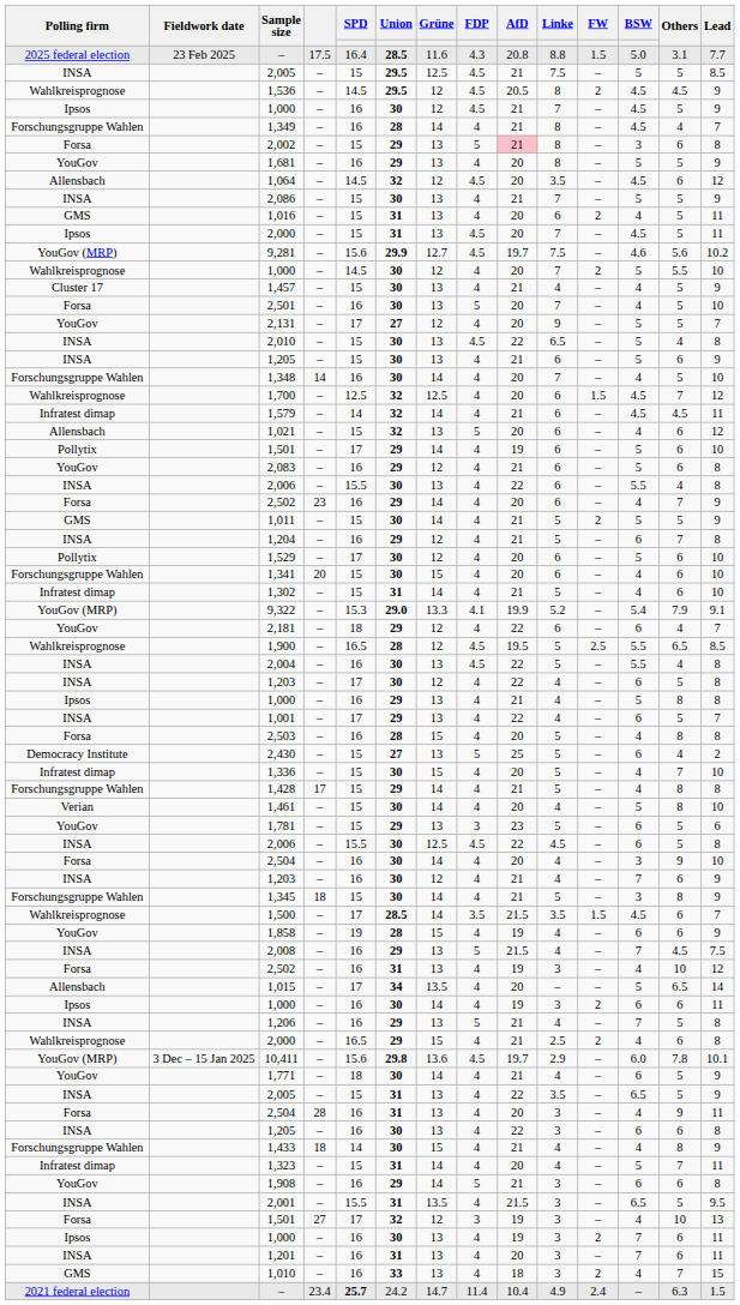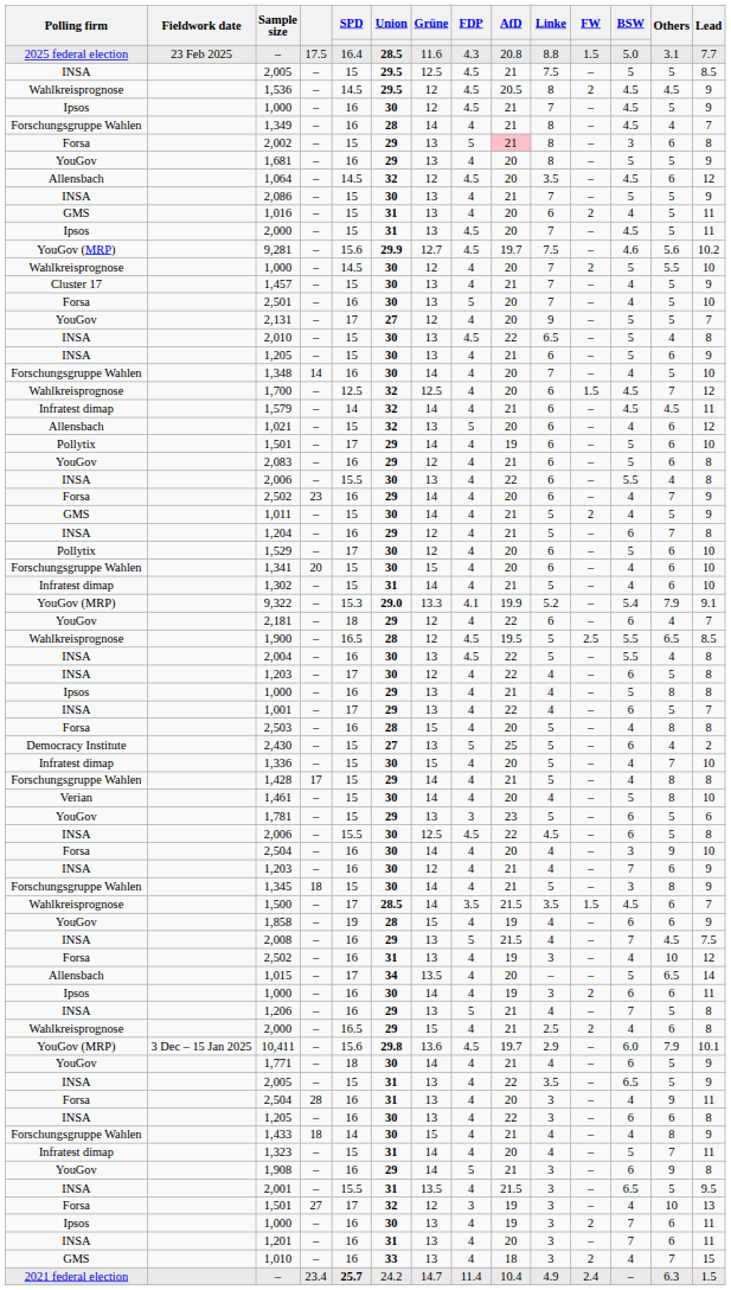 <table class="wikitable sortable mw-datatable mw-collapsible" style="text-align:center;font-size:90%;line-height:14px;">
 <tr style="height:40px;">
 <th style="width:160px;" rowspan="2">Polling firm</th>
 <th style="width:120px;" rowspan="2">Fieldwork date</th>
 <th style="width: 35px;" rowspan="2">Sample<br>size</th>
 <th style="width: 30px;" rowspan="2"></th>
 <th class="unsortable" style="width:40px;"><a href='#'>SPD</a></th>
 <th class="unsortable" style="width:40px;"><a href='#'>Union</a></th>
 <th class="unsortable" style="width:40px;"><a href='#'>Grüne</a></th>
 <th class="unsortable" style="width:40px;"><a href='#'>FDP</a></th>
 <th class="unsortable" style="width:40px;"><a href='#'>AfD</a></th>
 <th class="unsortable" style="width:40px;"><a href='#'>Linke</a></th>
 <th class="unsortable" style="width:40px;"><a href='#'>FW</a></th>
 <th class="unsortable" style="width:40px;"><a href='#'>BSW</a></th>
 <th rowspan="2" class="unsortable" style="width:30px;">Others</th>
 <th style="width:30px;" rowspan="2">Lead</th>
 </tr>
 <tr>
 <th style="background:"></th>
 <th style="background:"></th>
 <th style="background:"></th>
 <th style="background:"></th>
 <th style="background:"></th>
 <th style="background:"></th>
 <th style="background:"></th>
 <th style="background:"></th>
 </tr>
 <tr style="background:#E9E9E9;">
 <td><a href='#'>2025 federal election</a></td>
 <td>23 Feb 2025</td>
 <td>–</td>
 <td>17.5</td>
 <td>16.4</td>
 <td><strong>28.5</strong></td>
 <td>11.6</td>
 <td>4.3</td>
 <td>20.8</td>
 <td>8.8</td>
 <td>1.5</td>
 <td>5.0</td>
 <td>3.1</td>
 <td style="background:">7.7</td>
 </tr>
 <tr>
 <td>INSA</td>
 <td></td>
 <td>2,005</td>
 <td>–</td>
 <td>15</td>
 <td><strong>29.5</strong></td>
 <td>12.5</td>
 <td>4.5</td>
 <td>21</td>
 <td>7.5</td>
 <td>–</td>
 <td>5</td>
 <td>5</td>
 <td style="background:">8.5</td>
 </tr>
 <tr>
 <td>Wahlkreisprognose</td>
 <td></td>
 <td>1,536</td>
 <td>–</td>
 <td>14.5</td>
 <td><strong>29.5</strong></td>
 <td>12</td>
 <td>4.5</td>
 <td>20.5</td>
 <td>8</td>
 <td>2</td>
 <td>4.5</td>
 <td>4.5</td>
 <td style="background:">9</td>
 </tr>
 <tr>
 <td>Ipsos</td>
 <td></td>
 <td>1,000</td>
 <td>–</td>
 <td>16</td>
 <td><strong>30</strong></td>
 <td>12</td>
 <td>4.5</td>
 <td>21</td>
 <td>7</td>
 <td>–</td>
 <td>4.5</td>
 <td>5</td>
 <td style="background:">9</td>
 </tr>
 <tr>
 <td>Forschungsgruppe Wahlen</td>
 <td></td>
 <td>1,349</td>
 <td>–</td>
 <td>16</td>
 <td><strong>28</strong></td>
 <td>14</td>
 <td>4</td>
 <td>21</td>
 <td>8</td>
 <td>–</td>
 <td>4.5</td>
 <td>4</td>
 <td style="background:">7</td>
 </tr>
 <tr>
 <td>Forsa</td>
 <td></td>
 <td>2,002</td>
 <td>–</td>
 <td>15</td>
 <td><strong>29</strong></td>
 <td>13</td>
 <td>5</td>
 <td style="background: pink;">21</td>
 <td>8</td>
 <td>–</td>
 <td>3</td>
 <td>6</td>
 <td style="background:">8</td>
 </tr>
 <tr>
 <td>YouGov</td>
 <td></td>
 <td>1,681</td>
 <td>–</td>
 <td>16</td>
 <td><strong>29</strong></td>
 <td>13</td>
 <td>4</td>
 <td>20</td>
 <td>8</td>
 <td>–</td>
 <td>5</td>
 <td>5</td>
 <td style="background:">9</td>
 </tr>
 <tr>
 <td>Allensbach</td>
 <td></td>
 <td>1,064</td>
 <td>–</td>
 <td>14.5</td>
 <td><strong>32</strong></td>
 <td>12</td>
 <td>4.5</td>
 <td>20</td>
 <td>3.5</td>
 <td>–</td>
 <td>4.5</td>
 <td>6</td>
 <td style="background:">12</td>
 </tr>
 <tr>
 <td>INSA</td>
 <td></td>
 <td>2,086</td>
 <td>–</td>
 <td>15</td>
 <td><strong>30</strong></td>
 <td>13</td>
 <td>4</td>
 <td>21</td>
 <td>7</td>
 <td>–</td>
 <td>5</td>
 <td>5</td>
 <td style="background:">9</td>
 </tr>
 <tr>
 <td>GMS</td>
 <td></td>
 <td>1,016</td>
 <td>–</td>
 <td>15</td>
 <td><strong>31</strong></td>
 <td>13</td>
 <td>4</td>
 <td>20</td>
 <td>6</td>
 <td>2</td>
 <td>4</td>
 <td>5</td>
 <td style="background:">11</td>
 </tr>
 <tr>
 <td>Ipsos</td>
 <td></td>
 <td>2,000</td>
 <td>–</td>
 <td>15</td>
 <td><strong>31</strong></td>
 <td>13</td>
 <td>4.5</td>
 <td>20</td>
 <td>7</td>
 <td>–</td>
 <td>4.5</td>
 <td>5</td>
 <td style="background:">11</td>
 </tr>
 <tr>
 <td>YouGov (<a href='#'>MRP</a>)</td>
 <td></td>
 <td>9,281</td>
 <td>–</td>
 <td>15.6</td>
 <td><strong>29.9</strong></td>
 <td>12.7</td>
 <td>4.5</td>
 <td>19.7</td>
 <td>7.5</td>
 <td>–</td>
 <td>4.6</td>
 <td>5.6</td>
 <td style="background:">10.2</td>
 </tr>
 <tr>
 <td>Wahlkreisprognose</td>
 <td></td>
 <td>1,000</td>
 <td>–</td>
 <td>14.5</td>
 <td><strong>30</strong></td>
 <td>12</td>
 <td>4</td>
 <td>20</td>
 <td>7</td>
 <td>2</td>
 <td>5</td>
 <td>5.5</td>
 <td style="background:">10</td>
 </tr>
 <tr>
 <td>Cluster 17</td>
 <td></td>
 <td>1,457</td>
 <td>–</td>
 <td>15</td>
 <td><strong>30</strong></td>
 <td>13</td>
 <td>4</td>
 <td>21</td>
-<td>4</td>
+<td>7</td>
 <td>–</td>
 <td>4</td>
 <td>5</td>
 <td style="background:">9</td>
 </tr>
 <tr>
 <td>Forsa</td>
 <td></td>
 <td>2,501</td>
 <td>–</td>
 <td>16</td>
 <td><strong>30</strong></td>
 <td>13</td>
 <td>5</td>
 <td>20</td>
 <td>7</td>
 <td>–</td>
 <td>4</td>
 <td>5</td>
 <td style="background:">10</td>
 </tr>
 <tr>
 <td>YouGov</td>
 <td></td>
 <td>2,131</td>
 <td>–</td>
 <td>17</td>
 <td><strong>27</strong></td>
 <td>12</td>
 <td>4</td>
 <td>20</td>
 <td>9</td>
 <td>–</td>
 <td>5</td>
 <td>5</td>
 <td style="background:">7</td>
 </tr>
 <tr>
 <td>INSA</td>
 <td></td>
 <td>2,010</td>
 <td>–</td>
 <td>15</td>
 <td><strong>30</strong></td>
 <td>13</td>
 <td>4.5</td>
 <td>22</td>
 <td>6.5</td>
 <td>–</td>
 <td>5</td>
 <td>4</td>
 <td style="background:">8</td>
 </tr>
 <tr>
 <td>INSA</td>
 <td></td>
 <td>1,205</td>
 <td>–</td>
 <td>15</td>
 <td><strong>30</strong></td>
 <td>13</td>
 <td>4</td>
 <td>21</td>
 <td>6</td>
 <td>–</td>
 <td>5</td>
 <td>6</td>
 <td style="background:">9</td>
 </tr>
 <tr>
 <td>Forschungsgruppe Wahlen</td>
 <td></td>
 <td>1,348</td>
 <td>14</td>
 <td>16</td>
 <td><strong>30</strong></td>
 <td>14</td>
 <td>4</td>
 <td>20</td>
 <td>7</td>
 <td>–</td>
 <td>4</td>
 <td>5</td>
 <td style="background:">10</td>
 </tr>
 <tr>
 <td>Wahlkreisprognose</td>
 <td></td>
 <td>1,700</td>
 <td>–</td>
 <td>12.5</td>
 <td><strong>32</strong></td>
 <td>12.5</td>
 <td>4</td>
 <td>20</td>
 <td>6</td>
 <td>1.5</td>
 <td>4.5</td>
 <td>7</td>
 <td style="background:">12</td>
 </tr>
 <tr>
 <td>Infratest dimap</td>
 <td></td>
 <td>1,579</td>
 <td>–</td>
 <td>14</td>
 <td><strong>32</strong></td>
 <td>14</td>
 <td>4</td>
 <td>21</td>
 <td>6</td>
 <td>–</td>
 <td>4.5</td>
 <td>4.5</td>
 <td style="background:">11</td>
 </tr>
 <tr>
 <td>Allensbach</td>
 <td></td>
 <td>1,021</td>
 <td>–</td>
 <td>15</td>
 <td><strong>32</strong></td>
 <td>13</td>
 <td>5</td>
 <td>20</td>
 <td>6</td>
 <td>–</td>
 <td>4</td>
 <td>6</td>
 <td style="background:">12</td>
 </tr>
 <tr>
 <td>Pollytix</td>
 <td></td>
 <td>1,501</td>
 <td>–</td>
 <td>17</td>
 <td><strong>29</strong></td>
 <td>14</td>
 <td>4</td>
 <td>19</td>
 <td>6</td>
 <td>–</td>
 <td>5</td>
 <td>6</td>
 <td style="background:">10</td>
 </tr>
 <tr>
 <td>YouGov</td>
 <td></td>
 <td>2,083</td>
 <td>–</td>
 <td>16</td>
 <td><strong>29</strong></td>
 <td>12</td>
 <td>4</td>
 <td>21</td>
 <td>6</td>
 <td>–</td>
 <td>5</td>
 <td>6</td>
 <td style="background:">8</td>
 </tr>
 <tr>
 <td>INSA</td>
 <td></td>
 <td>2,006</td>
 <td>–</td>
 <td>15.5</td>
 <td><strong>30</strong></td>
 <td>13</td>
 <td>4</td>
 <td>22</td>
 <td>6</td>
 <td>–</td>
 <td>5.5</td>
 <td>4</td>
 <td style="background:">8</td>
 </tr>
 <tr>
 <td>Forsa</td>
 <td></td>
 <td>2,502</td>
 <td>23</td>
 <td>16</td>
 <td><strong>29</strong></td>
 <td>14</td>
 <td>4</td>
 <td>20</td>
 <td>6</td>
 <td>–</td>
 <td>4</td>
 <td>7</td>
 <td style="background:">9</td>
 </tr>
 <tr>
 <td>GMS</td>
 <td></td>
 <td>1,011</td>
 <td>–</td>
 <td>15</td>
 <td><strong>30</strong></td>
 <td>14</td>
 <td>4</td>
 <td>21</td>
 <td>5</td>
 <td>2</td>
-<td>5</td>
+<td>4</td>
 <td>5</td>
 <td style="background:">9</td>
 </tr>
 <tr>
 <td>INSA</td>
 <td></td>
 <td>1,204</td>
 <td>–</td>
 <td>16</td>
 <td><strong>29</strong></td>
 <td>12</td>
 <td>4</td>
 <td>21</td>
 <td>5</td>
 <td>–</td>
 <td>6</td>
 <td>7</td>
 <td style="background:">8</td>
 </tr>
 <tr>
 <td>Pollytix</td>
 <td></td>
 <td>1,529</td>
 <td>–</td>
 <td>17</td>
 <td><strong>30</strong></td>
 <td>12</td>
 <td>4</td>
 <td>20</td>
 <td>6</td>
 <td>–</td>
 <td>5</td>
 <td>6</td>
 <td style="background:">10</td>
 </tr>
 <tr>
 <td>Forschungsgruppe Wahlen</td>
 <td></td>
 <td>1,341</td>
 <td>20</td>
 <td>15</td>
 <td><strong>30</strong></td>
 <td>15</td>
 <td>4</td>
 <td>20</td>
 <td>6</td>
 <td>–</td>
 <td>4</td>
 <td>6</td>
 <td style="background:">10</td>
 </tr>
 <tr>
 <td>Infratest dimap</td>
 <td></td>
 <td>1,302</td>
 <td>–</td>
 <td>15</td>
 <td><strong>31</strong></td>
 <td>14</td>
 <td>4</td>
 <td>21</td>
 <td>5</td>
 <td>–</td>
 <td>4</td>
 <td>6</td>
 <td style="background:">10</td>
 </tr>
 <tr>
 <td>YouGov (MRP)</td>
 <td></td>
 <td>9,322</td>
 <td>–</td>
 <td>15.3</td>
 <td><strong>29.0</strong></td>
 <td>13.3</td>
 <td>4.1</td>
 <td>19.9</td>
 <td>5.2</td>
 <td>–</td>
 <td>5.4</td>
 <td>7.9</td>
 <td style="background:">9.1</td>
 </tr>
 <tr>
 <td>YouGov</td>
 <td></td>
 <td>2,181</td>
 <td>–</td>
 <td>18</td>
 <td><strong>29</strong></td>
 <td>12</td>
 <td>4</td>
 <td>22</td>
 <td>6</td>
 <td>–</td>
 <td>6</td>
 <td>4</td>
 <td style="background:">7</td>
 </tr>
 <tr>
 <td>Wahlkreisprognose</td>
 <td></td>
 <td>1,900</td>
 <td>–</td>
 <td>16.5</td>
 <td><strong>28</strong></td>
 <td>12</td>
 <td>4.5</td>
 <td>19.5</td>
 <td>5</td>
 <td>2.5</td>
 <td>5.5</td>
 <td>6.5</td>
 <td style="background:">8.5</td>
 </tr>
 <tr>
 <td>INSA</td>
 <td></td>
 <td>2,004</td>
 <td>–</td>
 <td>16</td>
 <td><strong>30</strong></td>
 <td>13</td>
 <td>4.5</td>
 <td>22</td>
 <td>5</td>
 <td>–</td>
 <td>5.5</td>
 <td>4</td>
 <td style="background:">8</td>
 </tr>
 <tr>
 <td>INSA</td>
 <td></td>
 <td>1,203</td>
 <td>–</td>
 <td>17</td>
 <td><strong>30</strong></td>
 <td>12</td>
 <td>4</td>
 <td>22</td>
 <td>4</td>
 <td>–</td>
 <td>6</td>
 <td>5</td>
 <td style="background:">8</td>
 </tr>
 <tr>
 <td>Ipsos</td>
 <td></td>
 <td>1,000</td>
 <td>–</td>
 <td>16</td>
 <td><strong>29</strong></td>
 <td>13</td>
 <td>4</td>
 <td>21</td>
 <td>4</td>
 <td>–</td>
 <td>5</td>
 <td>8</td>
 <td style="background:">8</td>
 </tr>
 <tr>
 <td>INSA</td>
 <td></td>
 <td>1,001</td>
 <td>–</td>
 <td>17</td>
 <td><strong>29</strong></td>
 <td>13</td>
 <td>4</td>
 <td>22</td>
 <td>4</td>
 <td>–</td>
 <td>6</td>
 <td>5</td>
 <td style="background:">7</td>
 </tr>
 <tr>
 <td>Forsa</td>
 <td></td>
 <td>2,503</td>
 <td>–</td>
 <td>16</td>
 <td><strong>28</strong></td>
 <td>15</td>
 <td>4</td>
 <td>20</td>
 <td>5</td>
 <td>–</td>
 <td>4</td>
 <td>8</td>
 <td style="background:">8</td>
 </tr>
 <tr>
 <td>Democracy Institute</td>
 <td></td>
 <td>2,430</td>
 <td>–</td>
 <td>15</td>
 <td><strong>27</strong></td>
 <td>13</td>
 <td>5</td>
 <td>25</td>
 <td>5</td>
 <td>–</td>
 <td>6</td>
 <td>4</td>
 <td style="background:">2</td>
 </tr>
 <tr>
 <td>Infratest dimap</td>
 <td></td>
 <td>1,336</td>
 <td>–</td>
 <td>15</td>
 <td><strong>30</strong></td>
 <td>15</td>
 <td>4</td>
 <td>20</td>
 <td>5</td>
 <td>–</td>
 <td>4</td>
 <td>7</td>
 <td style="background:">10</td>
 </tr>
 <tr>
 <td>Forschungsgruppe Wahlen</td>
 <td></td>
 <td>1,428</td>
 <td>17</td>
 <td>15</td>
 <td><strong>29</strong></td>
 <td>14</td>
 <td>4</td>
 <td>21</td>
 <td>5</td>
 <td>–</td>
 <td>4</td>
 <td>8</td>
 <td style="background:">8</td>
 </tr>
 <tr>
 <td>Verian</td>
 <td></td>
 <td>1,461</td>
 <td>–</td>
 <td>15</td>
 <td><strong>30</strong></td>
 <td>14</td>
 <td>4</td>
 <td>20</td>
 <td>4</td>
 <td>–</td>
 <td>5</td>
 <td>8</td>
 <td style="background:">10</td>
 </tr>
 <tr>
 <td>YouGov</td>
 <td></td>
 <td>1,781</td>
 <td>–</td>
 <td>15</td>
 <td><strong>29</strong></td>
 <td>13</td>
 <td>3</td>
 <td>23</td>
 <td>5</td>
 <td>–</td>
 <td>6</td>
 <td>5</td>
 <td style="background:">6</td>
 </tr>
 <tr>
 <td>INSA</td>
 <td></td>
 <td>2,006</td>
 <td>–</td>
 <td>15.5</td>
 <td><strong>30</strong></td>
 <td>12.5</td>
 <td>4.5</td>
 <td>22</td>
 <td>4.5</td>
 <td>–</td>
 <td>6</td>
 <td>5</td>
 <td style="background:">8</td>
 </tr>
 <tr>
 <td>Forsa</td>
 <td></td>
 <td>2,504</td>
 <td>–</td>
 <td>16</td>
 <td><strong>30</strong></td>
 <td>14</td>
 <td>4</td>
 <td>20</td>
 <td>4</td>
 <td>–</td>
 <td>3</td>
 <td>9</td>
 <td style="background:">10</td>
 </tr>
 <tr>
 <td>INSA</td>
 <td></td>
 <td>1,203</td>
 <td>–</td>
 <td>16</td>
 <td><strong>30</strong></td>
 <td>12</td>
 <td>4</td>
 <td>21</td>
 <td>4</td>
 <td>–</td>
 <td>7</td>
 <td>6</td>
 <td style="background:">9</td>
 </tr>
 <tr>
 <td>Forschungsgruppe Wahlen</td>
 <td></td>
 <td>1,345</td>
 <td>18</td>
 <td>15</td>
 <td><strong>30</strong></td>
 <td>14</td>
 <td>4</td>
 <td>21</td>
 <td>5</td>
 <td>–</td>
 <td>3</td>
 <td>8</td>
 <td style="background:">9</td>
 </tr>
 <tr>
 <td>Wahlkreisprognose</td>
 <td></td>
 <td>1,500</td>
 <td>–</td>
 <td>17</td>
 <td><strong>28.5</strong></td>
 <td>14</td>
 <td>3.5</td>
 <td>21.5</td>
 <td>3.5</td>
 <td>1.5</td>
 <td>4.5</td>
 <td>6</td>
 <td style="background:">7</td>
 </tr>
 <tr>
 <td>YouGov</td>
 <td></td>
 <td>1,858</td>
 <td>–</td>
 <td>19</td>
 <td><strong>28</strong></td>
 <td>15</td>
 <td>4</td>
 <td>19</td>
 <td>4</td>
 <td>–</td>
 <td>6</td>
 <td>6</td>
 <td style="background:">9</td>
 </tr>
 <tr>
 <td>INSA</td>
 <td></td>
 <td>2,008</td>
 <td>–</td>
 <td>16</td>
 <td><strong>29</strong></td>
 <td>13</td>
 <td>5</td>
 <td>21.5</td>
 <td>4</td>
 <td>–</td>
 <td>7</td>
 <td>4.5</td>
 <td style="background:">7.5</td>
 </tr>
 <tr>
 <td>Forsa</td>
 <td></td>
 <td>2,502</td>
 <td>–</td>
 <td>16</td>
 <td><strong>31</strong></td>
 <td>13</td>
 <td>4</td>
 <td>19</td>
 <td>3</td>
 <td>–</td>
 <td>4</td>
 <td>10</td>
 <td style="background:">12</td>
 </tr>
 <tr>
 <td>Allensbach</td>
 <td></td>
 <td>1,015</td>
 <td>–</td>
 <td>17</td>
 <td><strong>34</strong></td>
 <td>13.5</td>
 <td>4</td>
 <td>20</td>
 <td>–</td>
 <td>–</td>
 <td>5</td>
 <td>6.5</td>
 <td style="background:">14</td>
 </tr>
 <tr>
 <td>Ipsos</td>
 <td></td>
 <td>1,000</td>
 <td>–</td>
 <td>16</td>
 <td><strong>30</strong></td>
 <td>14</td>
 <td>4</td>
 <td>19</td>
 <td>3</td>
 <td>2</td>
 <td>6</td>
 <td>6</td>
 <td style="background:">11</td>
 </tr>
 <tr>
 <td>INSA</td>
 <td></td>
 <td>1,206</td>
 <td>–</td>
 <td>16</td>
 <td><strong>29</strong></td>
 <td>13</td>
 <td>5</td>
 <td>21</td>
 <td>4</td>
 <td>–</td>
 <td>7</td>
 <td>5</td>
 <td style="background:">8</td>
 </tr>
 <tr>
 <td>Wahlkreisprognose</td>
 <td></td>
 <td>2,000</td>
 <td>–</td>
 <td>16.5</td>
 <td><strong>29</strong></td>
 <td>15</td>
 <td>4</td>
 <td>21</td>
 <td>2.5</td>
 <td>2</td>
 <td>4</td>
 <td>6</td>
 <td style="background:">8</td>
 </tr>
 <tr>
 <td>YouGov (MRP)</td>
 <td>3 Dec – 15 Jan 2025</td>
 <td>10,411</td>
 <td>–</td>
 <td>15.6</td>
 <td><strong>29.8</strong></td>
 <td>13.6</td>
 <td>4.5</td>
 <td>19.7</td>
 <td>2.9</td>
 <td>–</td>
 <td>6.0</td>
-<td>7.8</td>
+<td>7.9</td>
 <td style="background:">10.1</td>
 </tr>
 <tr>
 <td>YouGov</td>
 <td></td>
 <td>1,771</td>
 <td>–</td>
 <td>18</td>
 <td><strong>30</strong></td>
 <td>14</td>
 <td>4</td>
 <td>21</td>
 <td>4</td>
 <td>–</td>
 <td>6</td>
 <td>5</td>
 <td style="background:">9</td>
 </tr>
 <tr>
 <td>INSA</td>
 <td></td>
 <td>2,005</td>
 <td>–</td>
 <td>15</td>
 <td><strong>31</strong></td>
 <td>13</td>
 <td>4</td>
 <td>22</td>
 <td>3.5</td>
 <td>–</td>
 <td>6.5</td>
 <td>5</td>
 <td style="background:">9</td>
 </tr>
 <tr>
 <td>Forsa</td>
 <td></td>
 <td>2,504</td>
 <td>28</td>
 <td>16</td>
 <td><strong>31</strong></td>
 <td>13</td>
 <td>4</td>
 <td>20</td>
 <td>3</td>
 <td>–</td>
 <td>4</td>
 <td>9</td>
 <td style="background:">11</td>
 </tr>
 <tr>
 <td>INSA</td>
 <td></td>
 <td>1,205</td>
 <td>–</td>
 <td>16</td>
 <td><strong>30</strong></td>
 <td>13</td>
 <td>4</td>
 <td>22</td>
 <td>3</td>
 <td>–</td>
 <td>6</td>
 <td>6</td>
 <td style="background:">8</td>
 </tr>
 <tr>
 <td>Forschungsgruppe Wahlen</td>
 <td></td>
 <td>1,433</td>
 <td>18</td>
 <td>14</td>
 <td><strong>30</strong></td>
 <td>15</td>
 <td>4</td>
 <td>21</td>
 <td>4</td>
 <td>–</td>
 <td>4</td>
 <td>8</td>
 <td style="background:">9</td>
 </tr>
 <tr>
 <td>Infratest dimap</td>
 <td></td>
 <td>1,323</td>
 <td>–</td>
 <td>15</td>
 <td><strong>31</strong></td>
 <td>14</td>
 <td>4</td>
 <td>20</td>
 <td>4</td>
 <td>–</td>
 <td>5</td>
 <td>7</td>
 <td style="background:">11</td>
 </tr>
 <tr>
 <td>YouGov</td>
 <td></td>
 <td>1,908</td>
 <td>–</td>
 <td>16</td>
 <td><strong>29</strong></td>
 <td>14</td>
 <td>5</td>
 <td>21</td>
 <td>3</td>
 <td>–</td>
 <td>6</td>
-<td>6</td>
+<td>9</td>
 <td style="background:">8</td>
 </tr>
 <tr>
 <td>INSA</td>
 <td></td>
 <td>2,001</td>
 <td>–</td>
 <td>15.5</td>
 <td><strong>31</strong></td>
 <td>13.5</td>
 <td>4</td>
 <td>21.5</td>
 <td>3</td>
 <td>–</td>
 <td>6.5</td>
 <td>5</td>
 <td style="background:">9.5</td>
 </tr>
 <tr>
 <td>Forsa</td>
 <td></td>
 <td>1,501</td>
 <td>27</td>
 <td>17</td>
 <td><strong>32</strong></td>
 <td>12</td>
 <td>3</td>
 <td>19</td>
 <td>3</td>
 <td>–</td>
 <td>4</td>
 <td>10</td>
 <td style="background:">13</td>
 </tr>
 <tr>
 <td>Ipsos</td>
 <td></td>
 <td>1,000</td>
 <td>–</td>
 <td>16</td>
 <td><strong>30</strong></td>
 <td>13</td>
 <td>4</td>
 <td>19</td>
 <td>3</td>
 <td>2</td>
 <td>7</td>
 <td>6</td>
 <td style="background:">11</td>
 </tr>
 <tr>
 <td>INSA</td>
 <td></td>
 <td>1,201</td>
 <td>–</td>
 <td>16</td>
 <td><strong>31</strong></td>
 <td>13</td>
 <td>4</td>
 <td>20</td>
 <td>3</td>
 <td>–</td>
 <td>7</td>
 <td>6</td>
 <td style="background:">11</td>
 </tr>
 <tr>
 <td>GMS</td>
 <td></td>
 <td>1,010</td>
 <td>–</td>
 <td>16</td>
 <td><strong>33</strong></td>
 <td>13</td>
 <td>4</td>
 <td>18</td>
 <td>3</td>
 <td>2</td>
 <td>4</td>
 <td>7</td>
 <td style="background:">15</td>
 </tr>
 <tr style="background:#E9E9E9;">
 <td><a href='#'>2021 federal election</a></td>
 <td></td>
 <td>–</td>
 <td>23.4</td>
 <td><strong>25.7</strong></td>
 <td>24.2</td>
 <td>14.7</td>
 <td>11.4</td>
 <td>10.4</td>
 <td>4.9</td>
 <td>2.4</td>
 <td>–</td>
 <td>6.3</td>
 <td style="background:">1.5</td>
 </tr>
 </table>
